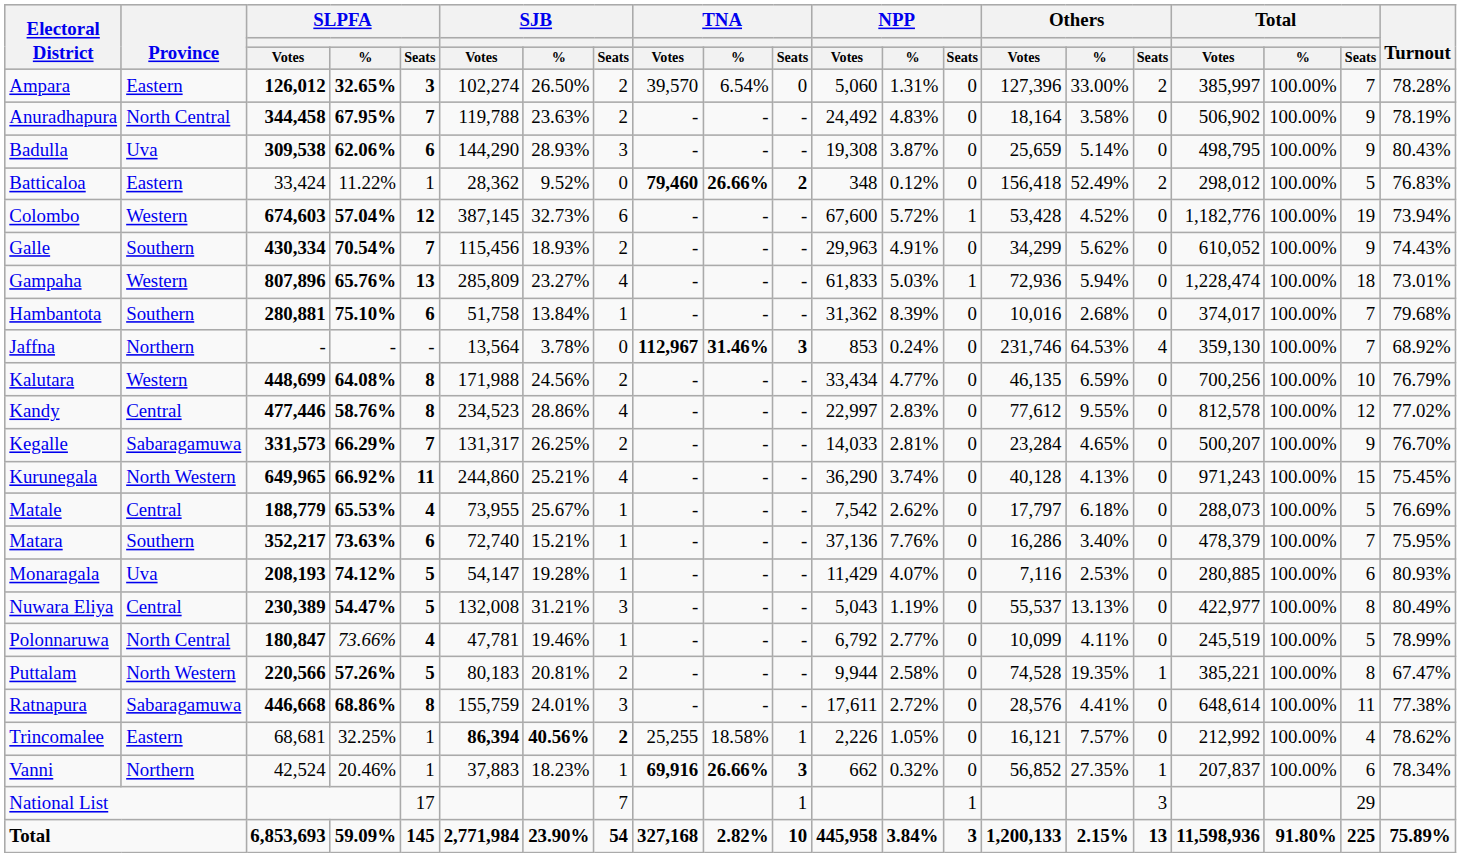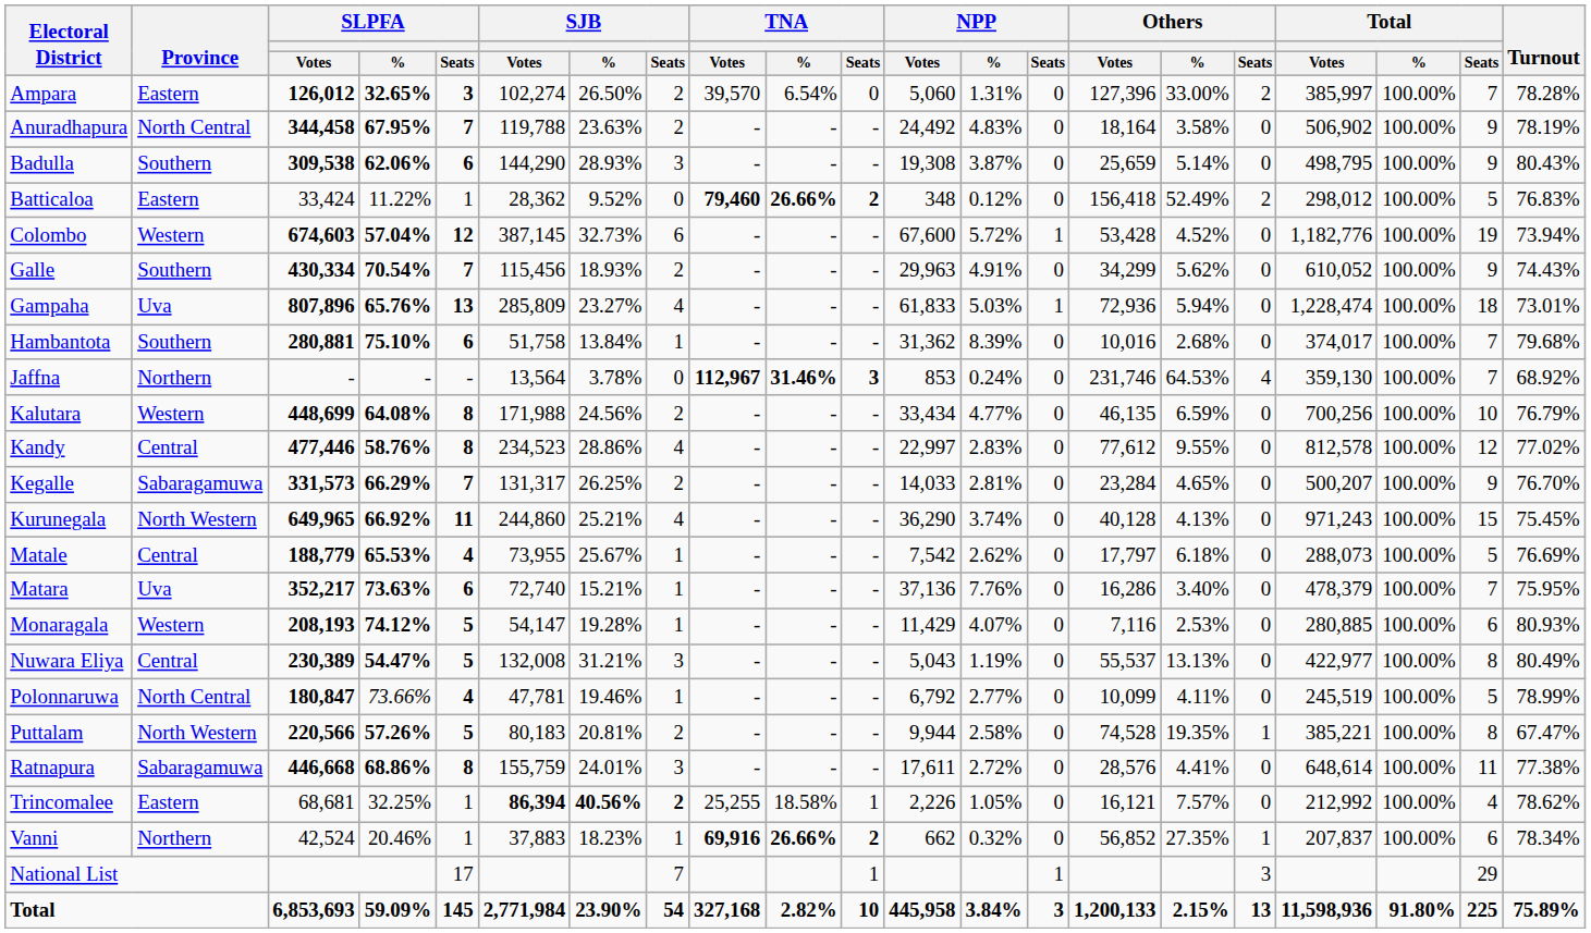 <table class="wikitable sortable" border="1" style="font-size:75%; text-align:right;">
 <tr>
 <th style="vertical-align:bottom;" rowspan=3><a href='#'>Electoral<br>District</a></th>
 <th style="vertical-align:bottom;" rowspan=3><a href='#'>Province</a></th>
 <th colspan=3><a href='#'>SLPFA</a></th>
 <th colspan=3><a href='#'>SJB</a></th>
 <th colspan=3><a href='#'>TNA</a></th>
 <th colspan=3><a href='#'>NPP</a></th>
 <th colspan=3>Others</th>
 <th colspan=3>Total</th>
 <th style="vertical-align:bottom;" rowspan=3>Turnout</th>
 </tr>
 <tr>
 <th colspan=3 style="background:"></th>
 <th colspan=3 style="background:"></th>
 <th colspan=3 style="background:"></th>
 <th colspan=3 style="background:"></th>
 <th colspan=3></th>
 <th colspan=3></th>
 </tr>
 <tr style="font-size: 75%;">
 <th>Votes</th>
 <th style="text-align:center;">%</th>
 <th>Seats</th>
 <th>Votes</th>
 <th style="text-align:center;">%</th>
 <th>Seats</th>
 <th>Votes</th>
 <th style="text-align:center;">%</th>
 <th>Seats</th>
 <th>Votes</th>
 <th style="text-align:center;">%</th>
 <th>Seats</th>
 <th>Votes</th>
 <th style="text-align:center;">%</th>
 <th>Seats</th>
 <th>Votes</th>
 <th style="text-align:center;">%</th>
 <th>Seats</th>
 </tr>
 <tr>
 <td align=left><a href='#'>Ampara</a></td>
 <td align=left><a href='#'>Eastern</a></td>
 <td><strong>126,012</strong></td>
 <td><strong>32.65%</strong></td>
 <td><strong>3</strong></td>
 <td>102,274</td>
 <td>26.50%</td>
 <td>2</td>
 <td>39,570</td>
 <td>6.54%</td>
 <td>0</td>
 <td>5,060</td>
 <td>1.31%</td>
 <td>0</td>
 <td>127,396</td>
 <td>33.00%</td>
 <td>2</td>
 <td>385,997</td>
 <td>100.00%</td>
 <td>7</td>
 <td>78.28%</td>
 </tr>
 <tr>
 <td align=left><a href='#'>Anuradhapura</a></td>
 <td align=left><a href='#'>North Central</a></td>
 <td><strong>344,458</strong></td>
 <td><strong>67.95%</strong></td>
 <td><strong>7</strong></td>
 <td>119,788</td>
 <td>23.63%</td>
 <td>2</td>
 <td>-</td>
 <td>-</td>
 <td>-</td>
 <td>24,492</td>
 <td>4.83%</td>
 <td>0</td>
 <td>18,164</td>
 <td>3.58%</td>
 <td>0</td>
 <td>506,902</td>
 <td>100.00%</td>
 <td>9</td>
 <td>78.19%</td>
 </tr>
 <tr>
 <td align=left><a href='#'>Badulla</a></td>
-<td align=left><a href='#'>Uva</a></td>
+<td align=left><a href='#'>Southern</a></td>
 <td><strong>309,538</strong></td>
 <td><strong>62.06%</strong></td>
 <td><strong>6</strong></td>
 <td>144,290</td>
 <td>28.93%</td>
 <td>3</td>
 <td>-</td>
 <td>-</td>
 <td>-</td>
 <td>19,308</td>
 <td>3.87%</td>
 <td>0</td>
 <td>25,659</td>
 <td>5.14%</td>
 <td>0</td>
 <td>498,795</td>
 <td>100.00%</td>
 <td>9</td>
 <td>80.43%</td>
 </tr>
 <tr>
 <td align=left><a href='#'>Batticaloa</a></td>
 <td align=left><a href='#'>Eastern</a></td>
 <td>33,424</td>
 <td>11.22%</td>
 <td>1</td>
 <td>28,362</td>
 <td>9.52%</td>
 <td>0</td>
 <td><strong>79,460</strong></td>
 <td><strong>26.66%</strong></td>
 <td><strong>2</strong></td>
 <td>348</td>
 <td>0.12%</td>
 <td>0</td>
 <td>156,418</td>
 <td>52.49%</td>
 <td>2</td>
 <td>298,012</td>
 <td>100.00%</td>
 <td>5</td>
 <td>76.83%</td>
 </tr>
 <tr>
 <td align=left><a href='#'>Colombo</a></td>
 <td align=left><a href='#'>Western</a></td>
 <td><strong>674,603</strong></td>
 <td><strong>57.04%</strong></td>
 <td><strong>12</strong></td>
 <td>387,145</td>
 <td>32.73%</td>
 <td>6</td>
 <td>-</td>
 <td>-</td>
 <td>-</td>
 <td>67,600</td>
 <td>5.72%</td>
 <td>1</td>
 <td>53,428</td>
 <td>4.52%</td>
 <td>0</td>
 <td>1,182,776</td>
 <td>100.00%</td>
 <td>19</td>
 <td>73.94%</td>
 </tr>
 <tr>
 <td align=left><a href='#'>Galle</a></td>
 <td align=left><a href='#'>Southern</a></td>
 <td><strong>430,334</strong></td>
 <td><strong>70.54%</strong></td>
 <td><strong>7</strong></td>
 <td>115,456</td>
 <td>18.93%</td>
 <td>2</td>
 <td>-</td>
 <td>-</td>
 <td>-</td>
 <td>29,963</td>
 <td>4.91%</td>
 <td>0</td>
 <td>34,299</td>
 <td>5.62%</td>
 <td>0</td>
 <td>610,052</td>
 <td>100.00%</td>
 <td>9</td>
 <td>74.43%</td>
 </tr>
 <tr>
 <td align=left><a href='#'>Gampaha</a></td>
-<td align=left><a href='#'>Western</a></td>
+<td align=left><a href='#'>Uva</a></td>
 <td><strong>807,896</strong></td>
 <td><strong>65.76%</strong></td>
 <td><strong>13</strong></td>
 <td>285,809</td>
 <td>23.27%</td>
 <td>4</td>
 <td>-</td>
 <td>-</td>
 <td>-</td>
 <td>61,833</td>
 <td>5.03%</td>
 <td>1</td>
 <td>72,936</td>
 <td>5.94%</td>
 <td>0</td>
 <td>1,228,474</td>
 <td>100.00%</td>
 <td>18</td>
 <td>73.01%</td>
 </tr>
 <tr>
 <td align=left><a href='#'>Hambantota</a></td>
 <td align=left><a href='#'>Southern</a></td>
 <td><strong>280,881</strong></td>
 <td><strong>75.10%</strong></td>
 <td><strong>6</strong></td>
 <td>51,758</td>
 <td>13.84%</td>
 <td>1</td>
 <td>-</td>
 <td>-</td>
 <td>-</td>
 <td>31,362</td>
 <td>8.39%</td>
 <td>0</td>
 <td>10,016</td>
 <td>2.68%</td>
 <td>0</td>
 <td>374,017</td>
 <td>100.00%</td>
 <td>7</td>
 <td>79.68%</td>
 </tr>
 <tr>
 <td align=left><a href='#'>Jaffna</a></td>
 <td align=left><a href='#'>Northern</a></td>
 <td>-</td>
 <td>-</td>
 <td>-</td>
 <td>13,564</td>
 <td>3.78%</td>
 <td>0</td>
 <td><strong>112,967</strong></td>
 <td><strong>31.46%</strong></td>
 <td><strong>3</strong></td>
 <td>853</td>
 <td>0.24%</td>
 <td>0</td>
 <td>231,746</td>
 <td>64.53%</td>
 <td>4</td>
 <td>359,130</td>
 <td>100.00%</td>
 <td>7</td>
 <td>68.92%</td>
 </tr>
 <tr>
 <td align=left><a href='#'>Kalutara</a></td>
 <td align=left><a href='#'>Western</a></td>
 <td><strong>448,699</strong></td>
 <td><strong>64.08%</strong></td>
 <td><strong>8</strong></td>
 <td>171,988</td>
 <td>24.56%</td>
 <td>2</td>
 <td>-</td>
 <td>-</td>
 <td>-</td>
 <td>33,434</td>
 <td>4.77%</td>
 <td>0</td>
 <td>46,135</td>
 <td>6.59%</td>
 <td>0</td>
 <td>700,256</td>
 <td>100.00%</td>
 <td>10</td>
 <td>76.79%</td>
 </tr>
 <tr>
 <td align=left><a href='#'>Kandy</a></td>
 <td align=left><a href='#'>Central</a></td>
 <td><strong>477,446</strong></td>
 <td><strong>58.76%</strong></td>
 <td><strong>8</strong></td>
 <td>234,523</td>
 <td>28.86%</td>
 <td>4</td>
 <td>-</td>
 <td>-</td>
 <td>-</td>
 <td>22,997</td>
 <td>2.83%</td>
 <td>0</td>
 <td>77,612</td>
 <td>9.55%</td>
 <td>0</td>
 <td>812,578</td>
 <td>100.00%</td>
 <td>12</td>
 <td>77.02%</td>
 </tr>
 <tr>
 <td align=left><a href='#'>Kegalle</a></td>
 <td align=left><a href='#'>Sabaragamuwa</a></td>
 <td><strong>331,573</strong></td>
 <td><strong>66.29%</strong></td>
 <td><strong>7</strong></td>
 <td>131,317</td>
 <td>26.25%</td>
 <td>2</td>
 <td>-</td>
 <td>-</td>
 <td>-</td>
 <td>14,033</td>
 <td>2.81%</td>
 <td>0</td>
 <td>23,284</td>
 <td>4.65%</td>
 <td>0</td>
 <td>500,207</td>
 <td>100.00%</td>
 <td>9</td>
 <td>76.70%</td>
 </tr>
 <tr>
 <td align=left><a href='#'>Kurunegala</a></td>
 <td align=left><a href='#'>North Western</a></td>
 <td><strong>649,965</strong></td>
 <td><strong>66.92%</strong></td>
 <td><strong>11</strong></td>
 <td>244,860</td>
 <td>25.21%</td>
 <td>4</td>
 <td>-</td>
 <td>-</td>
 <td>-</td>
 <td>36,290</td>
 <td>3.74%</td>
 <td>0</td>
 <td>40,128</td>
 <td>4.13%</td>
 <td>0</td>
 <td>971,243</td>
 <td>100.00%</td>
 <td>15</td>
 <td>75.45%</td>
 </tr>
 <tr>
 <td align=left><a href='#'>Matale</a></td>
 <td align=left><a href='#'>Central</a></td>
 <td><strong>188,779</strong></td>
 <td><strong>65.53%</strong></td>
 <td><strong>4</strong></td>
 <td>73,955</td>
 <td>25.67%</td>
 <td>1</td>
 <td>-</td>
 <td>-</td>
 <td>-</td>
 <td>7,542</td>
 <td>2.62%</td>
 <td>0</td>
 <td>17,797</td>
 <td>6.18%</td>
 <td>0</td>
 <td>288,073</td>
 <td>100.00%</td>
 <td>5</td>
 <td>76.69%</td>
 </tr>
 <tr>
 <td align=left><a href='#'>Matara</a></td>
-<td align=left><a href='#'>Southern</a></td>
+<td align=left><a href='#'>Uva</a></td>
 <td><strong>352,217</strong></td>
 <td><strong>73.63%</strong></td>
 <td><strong>6</strong></td>
 <td>72,740</td>
 <td>15.21%</td>
 <td>1</td>
 <td>-</td>
 <td>-</td>
 <td>-</td>
 <td>37,136</td>
 <td>7.76%</td>
 <td>0</td>
 <td>16,286</td>
 <td>3.40%</td>
 <td>0</td>
 <td>478,379</td>
 <td>100.00%</td>
 <td>7</td>
 <td>75.95%</td>
 </tr>
 <tr>
 <td align=left><a href='#'>Monaragala</a></td>
-<td align=left><a href='#'>Uva</a></td>
+<td align=left><a href='#'>Western</a></td>
 <td><strong>208,193</strong></td>
 <td><strong>74.12%</strong></td>
 <td><strong>5</strong></td>
 <td>54,147</td>
 <td>19.28%</td>
 <td>1</td>
 <td>-</td>
 <td>-</td>
 <td>-</td>
 <td>11,429</td>
 <td>4.07%</td>
 <td>0</td>
 <td>7,116</td>
 <td>2.53%</td>
 <td>0</td>
 <td>280,885</td>
 <td>100.00%</td>
 <td>6</td>
 <td>80.93%</td>
 </tr>
 <tr>
 <td align=left><a href='#'>Nuwara Eliya</a></td>
 <td align=left><a href='#'>Central</a></td>
 <td><strong>230,389</strong></td>
 <td><strong>54.47%</strong></td>
 <td><strong>5</strong></td>
 <td>132,008</td>
 <td>31.21%</td>
 <td>3</td>
 <td>-</td>
 <td>-</td>
 <td>-</td>
 <td>5,043</td>
 <td>1.19%</td>
 <td>0</td>
 <td>55,537</td>
 <td>13.13%</td>
 <td>0</td>
 <td>422,977</td>
 <td>100.00%</td>
 <td>8</td>
 <td>80.49%</td>
 </tr>
 <tr>
 <td align=left><a href='#'>Polonnaruwa</a></td>
 <td align=left><a href='#'>North Central</a></td>
 <td><strong>180,847</strong></td>
 <td><em>73.66%</em></td>
 <td><strong>4</strong></td>
 <td>47,781</td>
 <td>19.46%</td>
 <td>1</td>
 <td>-</td>
 <td>-</td>
 <td>-</td>
 <td>6,792</td>
 <td>2.77%</td>
 <td>0</td>
 <td>10,099</td>
 <td>4.11%</td>
 <td>0</td>
 <td>245,519</td>
 <td>100.00%</td>
 <td>5</td>
 <td>78.99%</td>
 </tr>
 <tr>
 <td align=left><a href='#'>Puttalam</a></td>
 <td align=left><a href='#'>North Western</a></td>
 <td><strong>220,566</strong></td>
 <td><strong>57.26%</strong></td>
 <td><strong>5</strong></td>
 <td>80,183</td>
 <td>20.81%</td>
 <td>2</td>
 <td>-</td>
 <td>-</td>
 <td>-</td>
 <td>9,944</td>
 <td>2.58%</td>
 <td>0</td>
 <td>74,528</td>
 <td>19.35%</td>
 <td>1</td>
 <td>385,221</td>
 <td>100.00%</td>
 <td>8</td>
 <td>67.47%</td>
 </tr>
 <tr>
 <td align=left><a href='#'>Ratnapura</a></td>
 <td align=left><a href='#'>Sabaragamuwa</a></td>
 <td><strong>446,668</strong></td>
 <td><strong>68.86%</strong></td>
 <td><strong>8</strong></td>
 <td>155,759</td>
 <td>24.01%</td>
 <td>3</td>
 <td>-</td>
 <td>-</td>
 <td>-</td>
 <td>17,611</td>
 <td>2.72%</td>
 <td>0</td>
 <td>28,576</td>
 <td>4.41%</td>
 <td>0</td>
 <td>648,614</td>
 <td>100.00%</td>
 <td>11</td>
 <td>77.38%</td>
 </tr>
 <tr>
 <td align=left><a href='#'>Trincomalee</a></td>
 <td align=left><a href='#'>Eastern</a></td>
 <td>68,681</td>
 <td>32.25%</td>
 <td>1</td>
 <td><strong>86,394</strong></td>
 <td><strong>40.56%</strong></td>
 <td><strong>2</strong></td>
 <td>25,255</td>
 <td>18.58%</td>
 <td>1</td>
 <td>2,226</td>
 <td>1.05%</td>
 <td>0</td>
 <td>16,121</td>
 <td>7.57%</td>
 <td>0</td>
 <td>212,992</td>
 <td>100.00%</td>
 <td>4</td>
 <td>78.62%</td>
 </tr>
 <tr>
 <td align=left><a href='#'>Vanni</a></td>
 <td align=left><a href='#'>Northern</a></td>
 <td>42,524</td>
 <td>20.46%</td>
 <td>1</td>
 <td>37,883</td>
 <td>18.23%</td>
 <td>1</td>
 <td><strong>69,916</strong></td>
 <td><strong>26.66%</strong></td>
-<td><strong>3</strong></td>
+<td><strong>2</strong></td>
 <td>662</td>
 <td>0.32%</td>
 <td>0</td>
 <td>56,852</td>
 <td>27.35%</td>
 <td>1</td>
 <td>207,837</td>
 <td>100.00%</td>
 <td>6</td>
 <td>78.34%</td>
 </tr>
 <tr class="sortbottom">
 <td style="text-align:left;" colspan=2><a href='#'>National List</a></td>
 <td colspan=2></td>
 <td>17</td>
 <td></td>
 <td></td>
 <td>7</td>
 <td></td>
 <td></td>
 <td>1</td>
 <td></td>
 <td></td>
 <td>1</td>
 <td></td>
 <td></td>
 <td>3</td>
 <td></td>
 <td></td>
 <td>29</td>
 <td></td>
 </tr>
 <tr class="sortbottom" style="font-weight:bold">
 <td colspan=2 style="text-align:left;">Total</td>
 <td>6,853,693</td>
 <td>59.09%</td>
 <td>145</td>
 <td>2,771,984</td>
 <td>23.90%</td>
 <td>54</td>
 <td>327,168</td>
 <td>2.82%</td>
 <td>10</td>
 <td>445,958</td>
 <td>3.84%</td>
 <td>3</td>
 <td>1,200,133</td>
 <td>2.15%</td>
 <td>13</td>
 <td>11,598,936</td>
 <td>91.80%</td>
 <td>225</td>
 <td>75.89%</td>
 </tr>
 </table>
